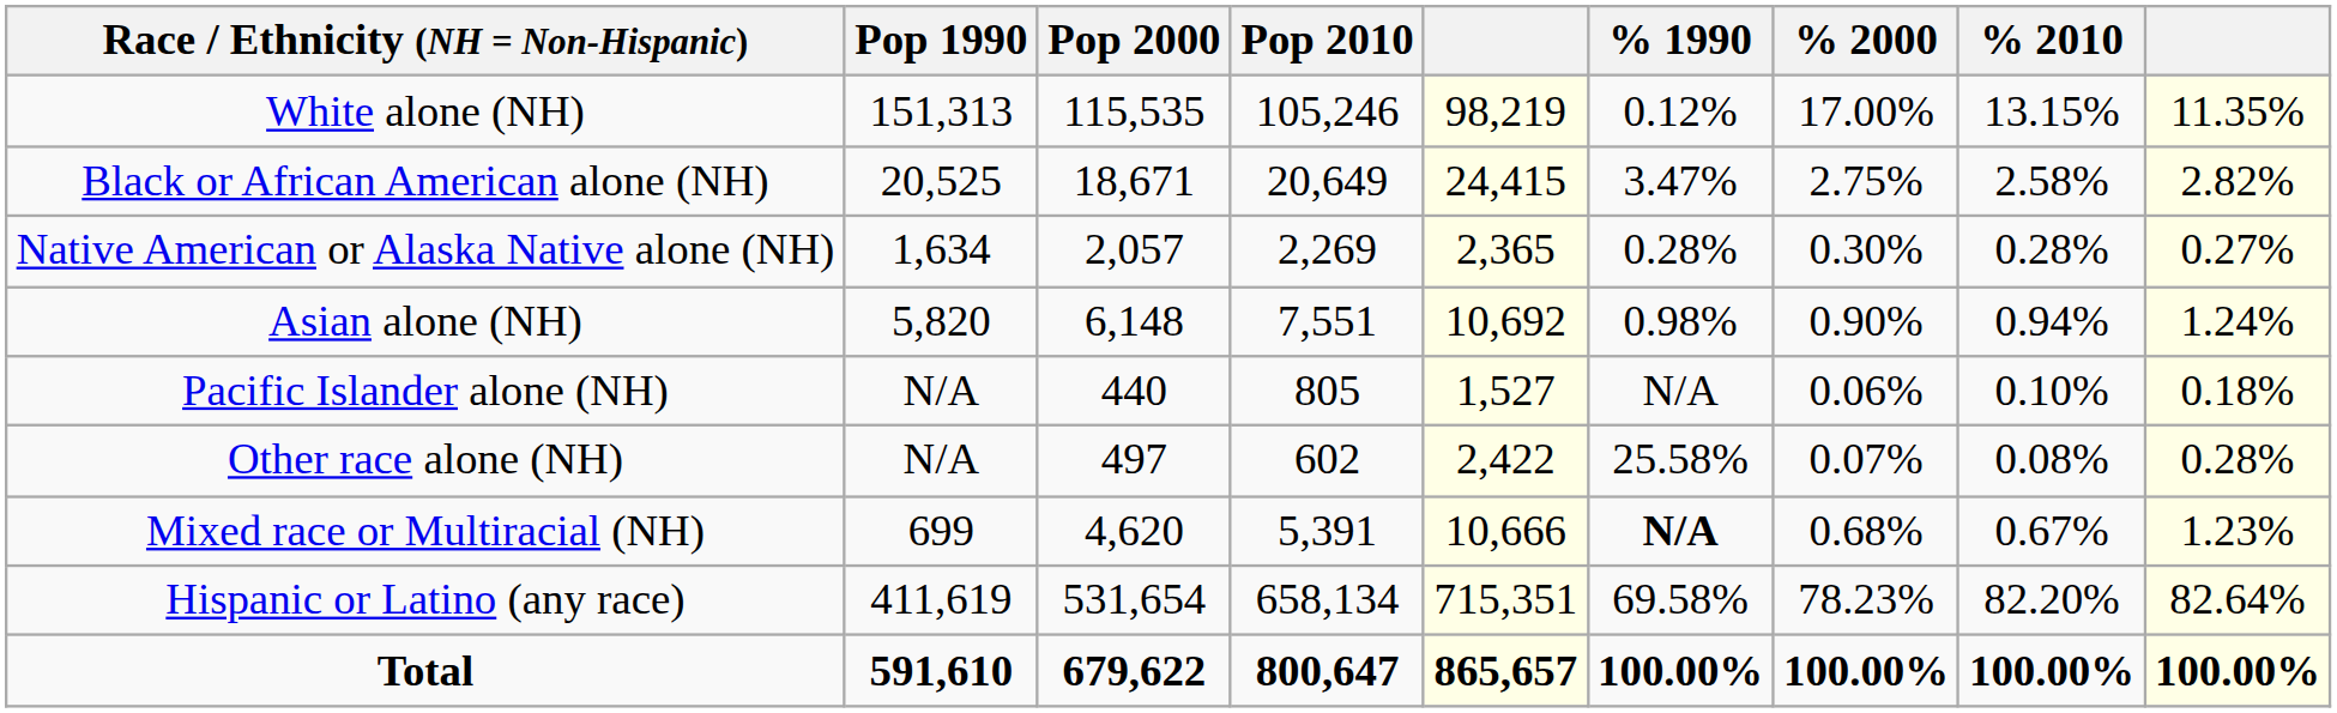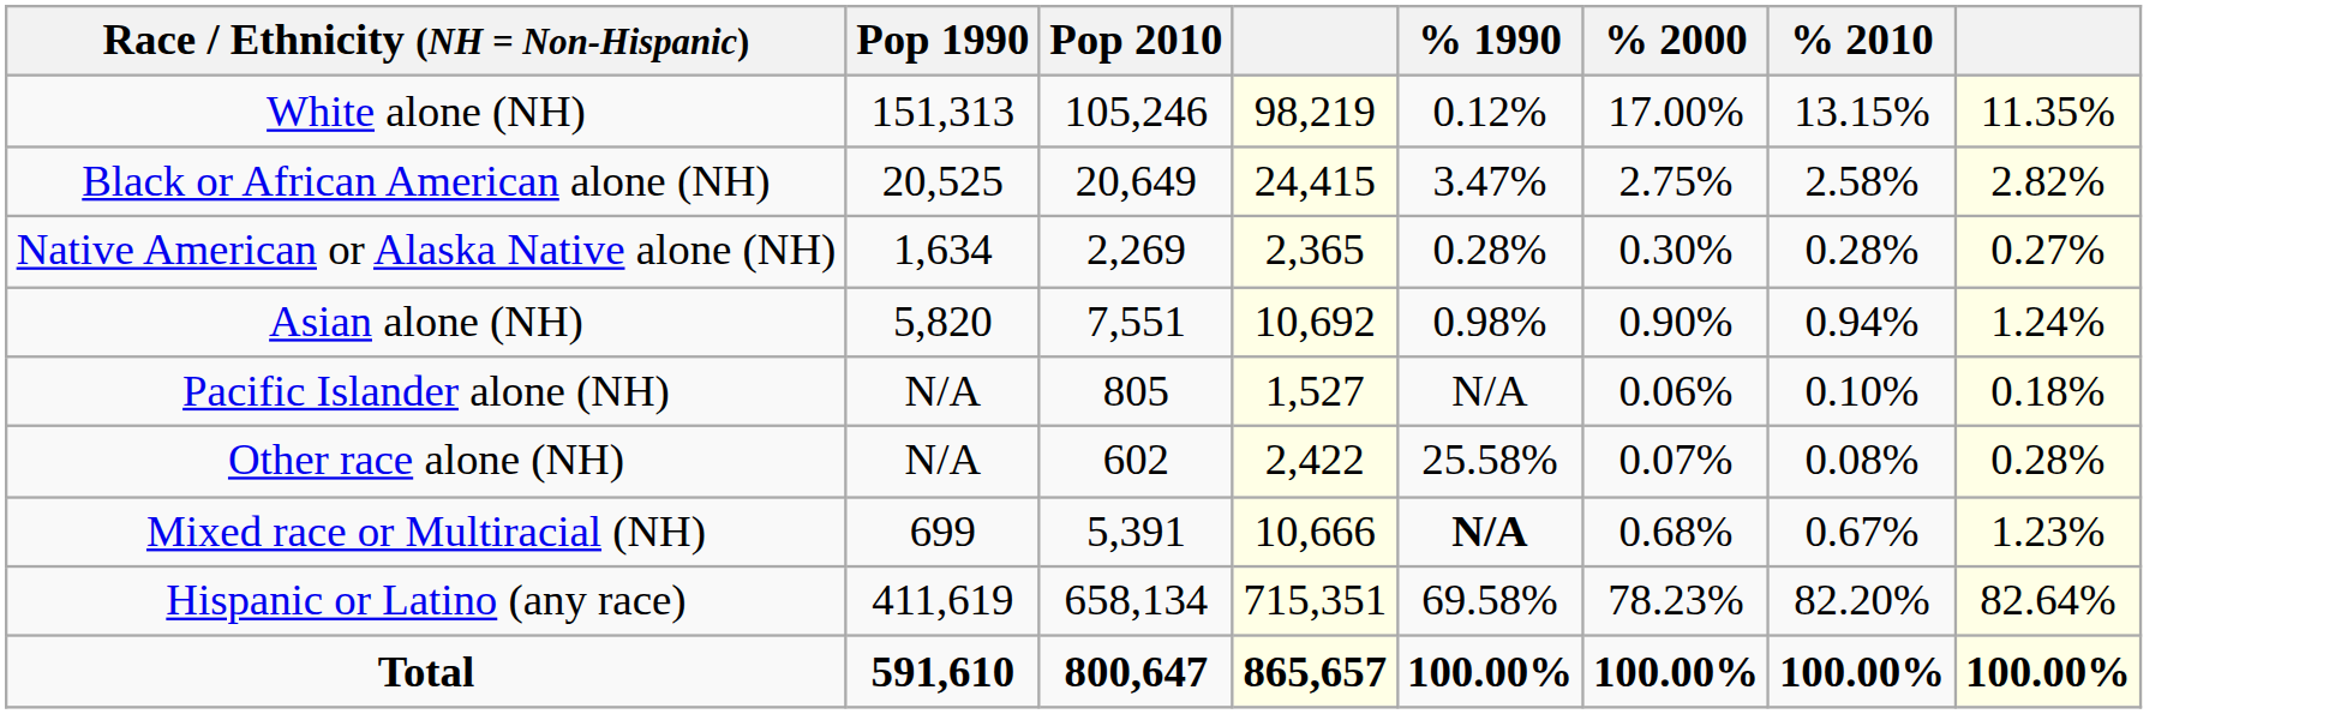 <table class="wikitable" style="text-align:center;">
 <tr>
 <th>Race / Ethnicity <small>(<em>NH = Non-Hispanic</em>)</small></th>
 <th>Pop 1990</th>
-<th>Pop 2000</th>
 <th>Pop 2010</th>
 <th></th>
 <th>% 1990</th>
 <th>% 2000</th>
 <th>% 2010</th>
 <th></th>
 </tr>
 <tr>
 <td><a href='#'>White</a> alone (NH)</td>
 <td>151,313</td>
-<td>115,535</td>
 <td>105,246</td>
 <td style='background: #ffffe6;'>98,219</td>
 <td>0.12%</td>
 <td>17.00%</td>
 <td>13.15%</td>
 <td style='background: #ffffe6;'>11.35%</td>
 </tr>
 <tr>
 <td><a href='#'>Black or African American</a> alone (NH)</td>
 <td>20,525</td>
-<td>18,671</td>
 <td>20,649</td>
 <td style='background: #ffffe6;'>24,415</td>
 <td>3.47%</td>
 <td>2.75%</td>
 <td>2.58%</td>
 <td style='background: #ffffe6;'>2.82%</td>
 </tr>
 <tr>
 <td><a href='#'>Native American</a> or <a href='#'>Alaska Native</a> alone (NH)</td>
 <td>1,634</td>
-<td>2,057</td>
 <td>2,269</td>
 <td style='background: #ffffe6;'>2,365</td>
 <td>0.28%</td>
 <td>0.30%</td>
 <td>0.28%</td>
 <td style='background: #ffffe6;'>0.27%</td>
 </tr>
 <tr>
 <td><a href='#'>Asian</a> alone (NH)</td>
 <td>5,820</td>
-<td>6,148</td>
 <td>7,551</td>
 <td style='background: #ffffe6;'>10,692</td>
 <td>0.98%</td>
 <td>0.90%</td>
 <td>0.94%</td>
 <td style='background: #ffffe6;'>1.24%</td>
 </tr>
 <tr>
 <td><a href='#'>Pacific Islander</a> alone (NH)</td>
 <td>N/A</td>
-<td>440</td>
 <td>805</td>
 <td style='background: #ffffe6;'>1,527</td>
 <td>N/A</td>
 <td>0.06%</td>
 <td>0.10%</td>
 <td style='background: #ffffe6;'>0.18%</td>
 </tr>
 <tr>
 <td><a href='#'>Other race</a> alone (NH)</td>
 <td>N/A</td>
-<td>497</td>
 <td>602</td>
 <td style='background: #ffffe6;'>2,422</td>
 <td>25.58%</td>
 <td>0.07%</td>
 <td>0.08%</td>
 <td style='background: #ffffe6;'>0.28%</td>
 </tr>
 <tr>
 <td><a href='#'>Mixed race or Multiracial</a> (NH)</td>
 <td>699</td>
-<td>4,620</td>
 <td>5,391</td>
 <td style='background: #ffffe6;'>10,666</td>
 <td><strong>N/A</strong></td>
 <td>0.68%</td>
 <td>0.67%</td>
 <td style='background: #ffffe6;'>1.23%</td>
 </tr>
 <tr>
 <td><a href='#'>Hispanic or Latino</a> (any race)</td>
 <td>411,619</td>
-<td>531,654</td>
 <td>658,134</td>
 <td style='background: #ffffe6;'>715,351</td>
 <td>69.58%</td>
 <td>78.23%</td>
 <td>82.20%</td>
 <td style='background: #ffffe6;'>82.64%</td>
 </tr>
 <tr>
 <td><strong>Total</strong></td>
 <td><strong>591,610</strong></td>
-<td><strong>679,622</strong></td>
 <td><strong>800,647</strong></td>
 <td style='background: #ffffe6;'><strong>865,657</strong></td>
 <td><strong>100.00%</strong></td>
 <td><strong>100.00%</strong></td>
 <td><strong>100.00%</strong></td>
 <td style='background: #ffffe6;'><strong>100.00%</strong></td>
 </tr>
 </table>
